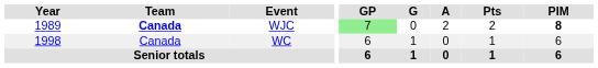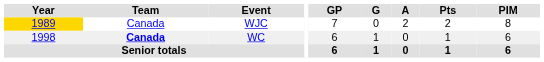 <table border="0" cellpadding="1" cellspacing="0" style="text-align:center; width:50em">
 <tr style="background:#e0e0e0;">
 <th>Year</th>
 <th>Team</th>
 <th>Event</th>
 <th rowspan="99" bgcolor="#ffffff"></th>
 <th>GP</th>
 <th>G</th>
 <th>A</th>
 <th>Pts</th>
 <th>PIM</th>
 </tr>
 <tr>
-<td><a href='#'>1989</a></td>
-<td><strong><a href='#'>Canada</a></strong></td>
+<td style="background: gold;"><a href='#'>1989</a></td>
+<td><a href='#'>Canada</a></td>
 <td><a href='#'>WJC</a></td>
-<td style="background: lightgreen;">7</td>
+<td>7</td>
 <td>0</td>
 <td>2</td>
 <td>2</td>
-<td><strong>8</strong></td>
+<td>8</td>
 </tr>
 <tr bgcolor="#f0f0f0">
 <td><a href='#'>1998</a></td>
-<td><a href='#'>Canada</a></td>
+<td><strong><a href='#'>Canada</a></strong></td>
 <td><a href='#'>WC</a></td>
 <td>6</td>
 <td>1</td>
 <td>0</td>
 <td>1</td>
 <td>6</td>
 </tr>
 <tr bgcolor="#e0e0e0">
 <th colspan=3>Senior totals</th>
 <th>6</th>
 <th>1</th>
 <th>0</th>
 <th>1</th>
 <th>6</th>
 </tr>
 </table>
